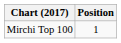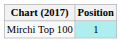 <table class="wikitable">
 <tr>
 <th>Chart (2017)</th>
 <th>Position</th>
 </tr>
 <tr>
 <td>Mirchi Top 100</td>
-<td align="center">1</td>
+<td align="center" style="background: paleturquoise;">1</td>
 </tr>
 </table>
